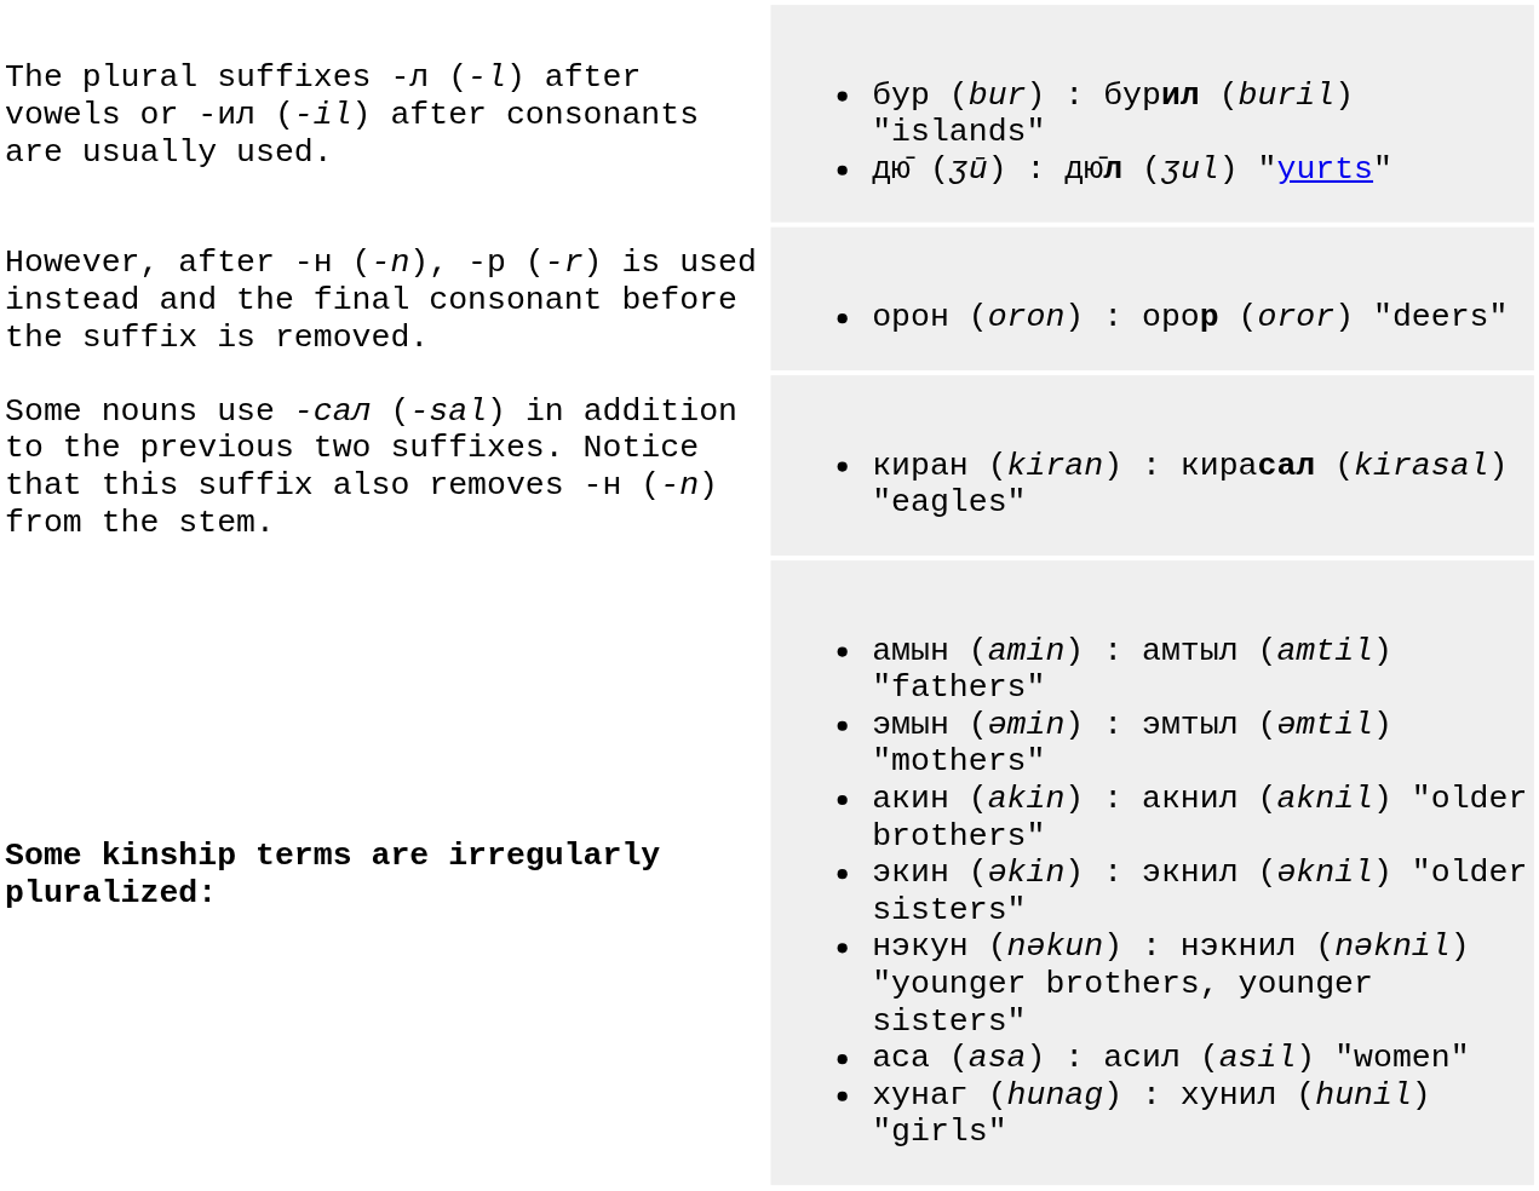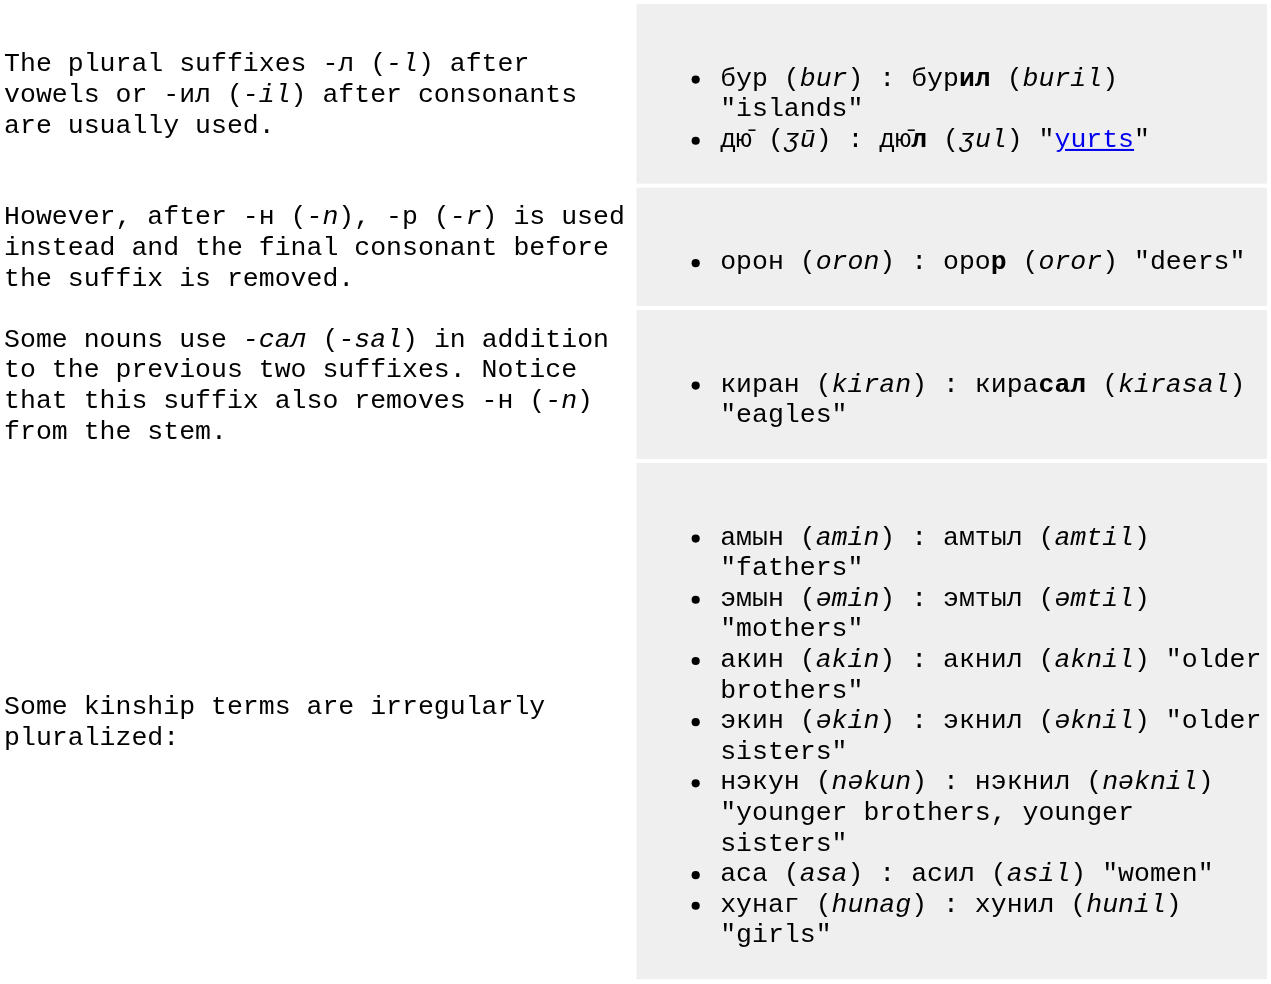 <table>
 <tr>
 <td width="50%">The plural suffixes -л (<em>-l</em>) after vowels or -ил (<em>-il</em>) after consonants are usually used.</td>
 <td width="50%"; style="background:#efefef;"><br><ul><li>бур (<em>bur</em>) : бур<strong>ил</strong> (<em>buril</em>) "islands"</li><li>дю̄ (<em>ʒū</em>) : дю̄<strong>л</strong> (<em>ʒul</em>) "<a href='#'>yurts</a>"</li></ul></td>
 </tr>
 <tr>
 <td>However, after -н (<em>-n</em>), -р (<em>-r</em>) is used instead and the final consonant before the suffix is removed.</td>
 <td style="background:#efefef;"><br><ul><li>орон (<em>oron</em>) : оро<strong>р</strong> (<em>oror</em>) "deers"</li></ul></td>
 </tr>
 <tr>
 <td>Some nouns use <em>-сал</em> (<em>-sal</em>) in addition to the previous two suffixes. Notice that this suffix also removes -н (<em>-n</em>) from the stem.</td>
 <td style="background:#efefef;"><br><ul><li>киран (<em>kiran</em>) : кира<strong>сал</strong> (<em>kirasal</em>) "eagles"</li></ul></td>
 </tr>
 <tr>
-<td><strong>Some kinship terms are irregularly pluralized:</strong></td>
+<td>Some kinship terms are irregularly pluralized:</td>
 <td style="background:#efefef;"><br><ul><li>амын (<em>amin</em>) : амтыл (<em>amtil</em>) "fathers"</li><li>эмын (<em>əmin</em>) : эмтыл (<em>əmtil</em>) "mothers"</li><li>акин (<em>akin</em>) : акнил (<em>aknil</em>) "older brothers"</li><li>экин (<em>əkin</em>) : экнил (<em>əknil</em>) "older sisters"</li><li>нэкун (<em>nəkun</em>) : нэкнил (<em>nəknil</em>) "younger brothers, younger sisters"</li><li>аса (<em>asa</em>) : асил (<em>asil</em>) "women"</li><li>хунаг (<em>hunag</em>) : хунил (<em>hunil</em>) "girls"</li></ul></td>
 </tr>
 </table>
